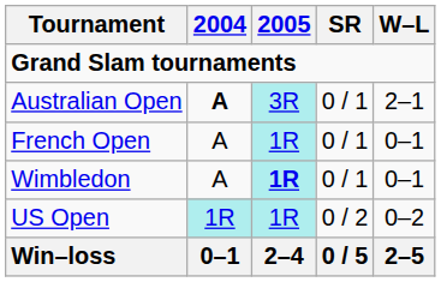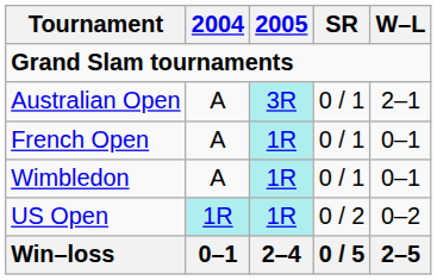 <table class=wikitable style=text-align:center;font-size:97%>
 <tr>
 <th>Tournament</th>
 <th><a href='#'>2004</a></th>
 <th><a href='#'>2005</a></th>
 <th>SR</th>
 <th>W–L</th>
 </tr>
 <tr>
 <td colspan=16 style="text-align:left;"><strong>Grand Slam tournaments</strong></td>
 </tr>
 <tr>
 <td style="text-align:left;"><a href='#'>Australian Open</a></td>
-<td><strong>A</strong></td>
+<td>A</td>
 <td style="background:#afeeee;"><a href='#'>3R</a></td>
 <td>0 / 1</td>
 <td>2–1</td>
 </tr>
 <tr>
 <td style="text-align:left;"><a href='#'>French Open</a></td>
 <td>A</td>
 <td style="background:#afeeee;"><a href='#'>1R</a></td>
 <td>0 / 1</td>
 <td>0–1</td>
 </tr>
 <tr>
 <td style="text-align:left;"><a href='#'>Wimbledon</a></td>
 <td>A</td>
-<td style="background:#afeeee;"><strong><a href='#'>1R</a></strong></td>
+<td style="background:#afeeee;"><a href='#'>1R</a></td>
 <td>0 / 1</td>
 <td>0–1</td>
 </tr>
 <tr>
 <td style="text-align:left;"><a href='#'>US Open</a></td>
 <td style="background:#afeeee;"><a href='#'>1R</a></td>
 <td style="background:#afeeee;"><a href='#'>1R</a></td>
 <td>0 / 2</td>
 <td>0–2</td>
 </tr>
 <tr>
 <th style=text-align:left>Win–loss</th>
 <th>0–1</th>
 <th>2–4</th>
 <th>0 / 5</th>
 <th>2–5</th>
 </tr>
 </table>
